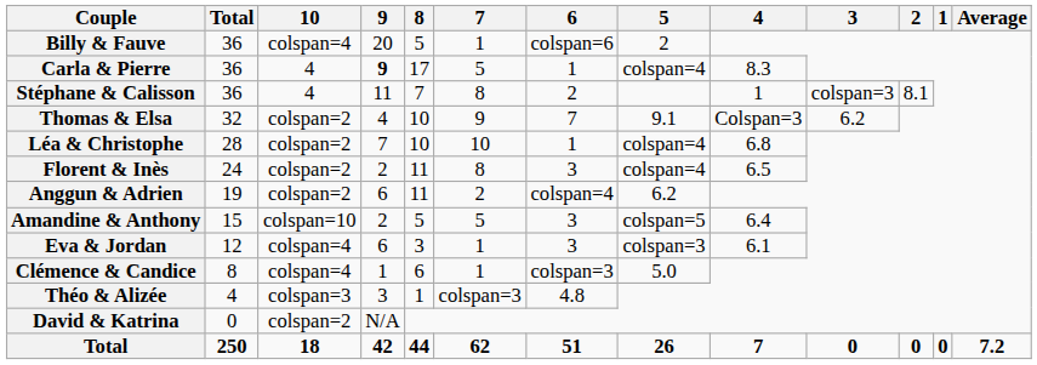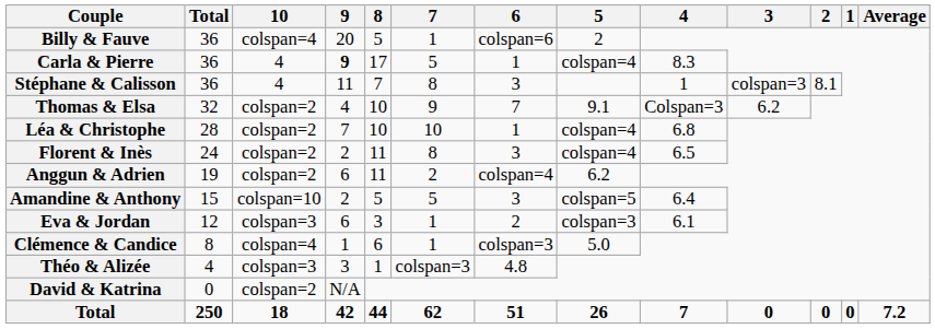 <table class="wikitable sortable collapsible" style="margin:auto; font-size:95%; line-height:12px; text-align:center">
 <tr>
 <th>Couple</th>
 <th>Total</th>
 <th>10</th>
 <th>9</th>
 <th>8</th>
 <th>7</th>
 <th>6</th>
 <th>5</th>
 <th>4</th>
 <th>3</th>
 <th>2</th>
 <th>1</th>
 <th>Average</th>
 </tr>
 <tr>
 <th>Billy & Fauve</th>
 <td>36</td>
 <td>colspan=4 </td>
 <td>20</td>
 <td>5</td>
 <td>1</td>
 <td>colspan=6 </td>
 <td>2</td>
 </tr>
 <tr>
 <th>Carla & Pierre</th>
 <td>36</td>
 <td>4</td>
 <td><strong>9</strong></td>
 <td>17</td>
 <td>5</td>
 <td>1</td>
 <td>colspan=4 </td>
 <td>8.3</td>
 </tr>
 <tr>
 <th>Stéphane & Calisson</th>
 <td>36</td>
 <td>4</td>
 <td>11</td>
 <td>7</td>
 <td>8</td>
-<td>2</td>
+<td>3</td>
 <td></td>
 <td>1</td>
 <td>colspan=3 </td>
 <td>8.1</td>
 </tr>
 <tr>
 <th>Thomas & Elsa</th>
 <td>32</td>
 <td>colspan=2 </td>
 <td>4</td>
 <td>10</td>
 <td>9</td>
 <td>7</td>
 <td>9.1</td>
 <td>Colspan=3 </td>
 <td>6.2</td>
 </tr>
 <tr>
 <th>Léa & Christophe</th>
 <td>28</td>
 <td>colspan=2 </td>
 <td>7</td>
 <td>10</td>
 <td>10</td>
 <td>1</td>
 <td>colspan=4 </td>
 <td>6.8</td>
 </tr>
 <tr>
 <th>Florent & Inès</th>
 <td>24</td>
 <td>colspan=2 </td>
 <td>2</td>
 <td>11</td>
 <td>8</td>
 <td>3</td>
 <td>colspan=4 </td>
 <td>6.5</td>
 </tr>
 <tr>
 <th>Anggun & Adrien</th>
 <td>19</td>
 <td>colspan=2 </td>
 <td>6</td>
 <td>11</td>
 <td>2</td>
 <td>colspan=4 </td>
 <td>6.2</td>
 </tr>
 <tr>
 <th>Amandine & Anthony</th>
 <td>15</td>
 <td>colspan=10 </td>
 <td>2</td>
 <td>5</td>
 <td>5</td>
 <td>3</td>
 <td>colspan=5 </td>
 <td>6.4</td>
 </tr>
 <tr>
 <th>Eva & Jordan</th>
 <td>12</td>
-<td>colspan=4 </td>
+<td>colspan=3 </td>
 <td>6</td>
 <td>3</td>
 <td>1</td>
-<td>3</td>
+<td>2</td>
 <td>colspan=3 </td>
 <td>6.1</td>
 </tr>
 <tr>
 <th>Clémence & Candice</th>
 <td>8</td>
 <td>colspan=4 </td>
 <td>1</td>
 <td>6</td>
 <td>1</td>
 <td>colspan=3 </td>
 <td>5.0</td>
 </tr>
 <tr>
 <th>Théo & Alizée</th>
 <td>4</td>
 <td>colspan=3 </td>
 <td>3</td>
 <td>1</td>
 <td>colspan=3 </td>
 <td>4.8</td>
 </tr>
 <tr>
 <th>David & Katrina</th>
 <td>0</td>
 <td>colspan=2 </td>
 <td>N/A</td>
 </tr>
 <tr>
 <th>Total</th>
 <td><strong>250</strong></td>
 <td><strong>18</strong></td>
 <td><strong>42</strong></td>
 <td><strong>44</strong></td>
 <td><strong>62</strong></td>
 <td><strong>51</strong></td>
 <td><strong>26</strong></td>
 <td><strong>7</strong></td>
 <td><strong>0</strong></td>
 <td><strong>0</strong></td>
 <td><strong>0</strong></td>
 <td><strong>7.2</strong></td>
 </tr>
 </table>
